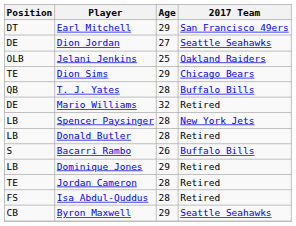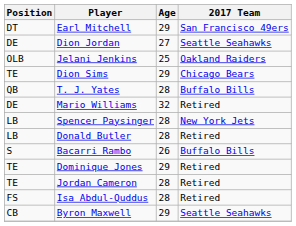 <table class="wikitable">
 <tr>
 <th>Position</th>
 <th>Player</th>
 <th>Age</th>
 <th>2017 Team</th>
 </tr>
 <tr>
 <td>DT</td>
 <td><a href='#'>Earl Mitchell</a></td>
 <td>29</td>
 <td><a href='#'>San Francisco 49ers</a></td>
 </tr>
 <tr>
 <td>DE</td>
 <td><a href='#'>Dion Jordan</a></td>
 <td>27</td>
 <td><a href='#'>Seattle Seahawks</a></td>
 </tr>
 <tr>
 <td>OLB</td>
 <td><a href='#'>Jelani Jenkins</a></td>
 <td>25</td>
 <td><a href='#'>Oakland Raiders</a></td>
 </tr>
 <tr>
 <td>TE</td>
 <td><a href='#'>Dion Sims</a></td>
 <td>29</td>
 <td><a href='#'>Chicago Bears</a></td>
 </tr>
 <tr>
 <td>QB</td>
 <td><a href='#'>T. J. Yates</a></td>
 <td>28</td>
 <td><a href='#'>Buffalo Bills</a></td>
 </tr>
 <tr>
 <td>DE</td>
 <td><a href='#'>Mario Williams</a></td>
 <td>32</td>
 <td>Retired</td>
 </tr>
 <tr>
 <td>LB</td>
 <td><a href='#'>Spencer Paysinger</a></td>
 <td>28</td>
 <td><a href='#'>New York Jets</a></td>
 </tr>
 <tr>
 <td>LB</td>
 <td><a href='#'>Donald Butler</a></td>
 <td>28</td>
 <td>Retired</td>
 </tr>
 <tr>
 <td>S</td>
 <td><a href='#'>Bacarri Rambo</a></td>
 <td>26</td>
 <td><a href='#'>Buffalo Bills</a></td>
 </tr>
 <tr>
-<td>LB</td>
+<td>TE</td>
 <td><a href='#'>Dominique Jones</a></td>
 <td>29</td>
 <td>Retired</td>
 </tr>
 <tr>
 <td>TE</td>
 <td><a href='#'>Jordan Cameron</a></td>
 <td>28</td>
 <td>Retired</td>
 </tr>
 <tr>
 <td>FS</td>
 <td><a href='#'>Isa Abdul-Quddus</a></td>
 <td>28</td>
 <td>Retired</td>
 </tr>
 <tr>
 <td>CB</td>
 <td><a href='#'>Byron Maxwell</a></td>
 <td>29</td>
 <td><a href='#'>Seattle Seahawks</a></td>
 </tr>
 <tr>
 </tr>
 </table>
